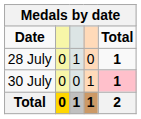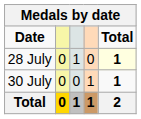 <table class="wikitable" style="font-size:85%">
 <tr bgcolor="#efefef">
 <th colspan=6>Medals by date</th>
 </tr>
 <tr align=center>
 <td><strong>Date</strong></td>
 <td bgcolor=#f7f6a8></td>
 <td bgcolor=#dce5e5></td>
 <td bgcolor=#ffdab9></td>
 <td><strong>Total</strong></td>
 </tr>
 <tr align=center>
 <td>28 July</td>
 <td style="background:#F7F6A8;">0</td>
 <td style="background:#DCE5E5;">1</td>
 <td style="background:#FFDAB9;">0</td>
-<td><strong>1</strong></td>
+<td style="background: lightyellow;"><strong>1</strong></td>
 </tr>
 <tr align=center>
 <td>30 July</td>
 <td style="background:#F7F6A8;">0</td>
 <td style="background:#DCE5E5;">0</td>
 <td style="background:#FFDAB9;">1</td>
-<td style="background: pink;"><strong>1</strong></td>
+<td><strong>1</strong></td>
 </tr>
 <tr align=center>
 <th><strong>Total</strong></th>
 <th style="background:gold;"><strong>0</strong></th>
 <th style="background:silver;"><strong>1</strong></th>
 <th style="background:#c96;"><strong>1</strong></th>
 <th>2</th>
 </tr>
 </table>
